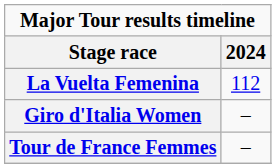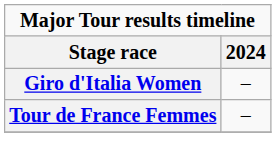 <table class="wikitable plainrowheaders">
 <tr>
 <td colspan="2" align="center"><strong>Major Tour results timeline</strong></td>
 </tr>
 <tr style="background:#EEEEEE;">
 <th>Stage race</th>
 <th>2024</th>
-</tr>
-<tr style="text-align:center">
-<th scope="row"><a href='#'>La Vuelta Femenina</a></th>
-<td><a href='#'>112</a></td>
 </tr>
 <tr style="text-align:center">
 <th scope="row"><a href='#'>Giro d'Italia Women</a></th>
 <td>–</td>
 </tr>
 <tr style="text-align:center">
 <th scope="row"><a href='#'>Tour de France Femmes</a></th>
 <td>–</td>
 </tr>
 <tr>
 </tr>
 </table>
